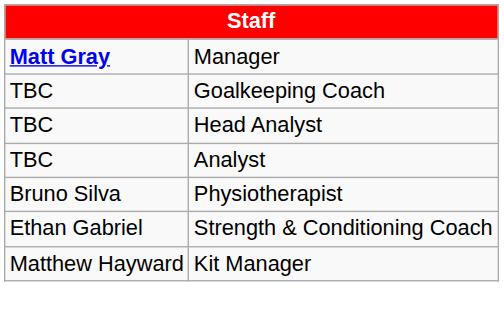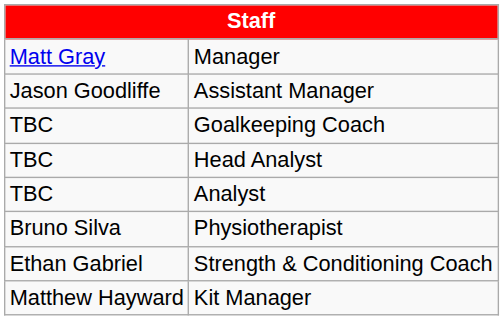 <table class="wikitable">
 <tr>
 <th colspan="2" style="color:#FFFFFF;background:#FF0000;">Staff</th>
 </tr>
 <tr>
-<td><strong> <a href='#'>Matt Gray</a></strong></td>
+<td> <a href='#'>Matt Gray</a></td>
 <td>Manager</td>
+</tr>
+<tr>
+<td> Jason Goodliffe</td>
+<td>Assistant Manager</td>
 </tr>
 <tr>
 <td>TBC</td>
 <td>Goalkeeping Coach</td>
 </tr>
 <tr>
 <td>TBC</td>
 <td>Head Analyst</td>
 </tr>
 <tr>
 <td>TBC</td>
 <td>Analyst</td>
 </tr>
 <tr>
 <td> Bruno Silva</td>
 <td>Physiotherapist</td>
 </tr>
 <tr>
 <td> Ethan Gabriel</td>
 <td>Strength & Conditioning Coach</td>
 </tr>
 <tr>
 <td> Matthew Hayward</td>
 <td>Kit Manager</td>
 </tr>
 </table>
